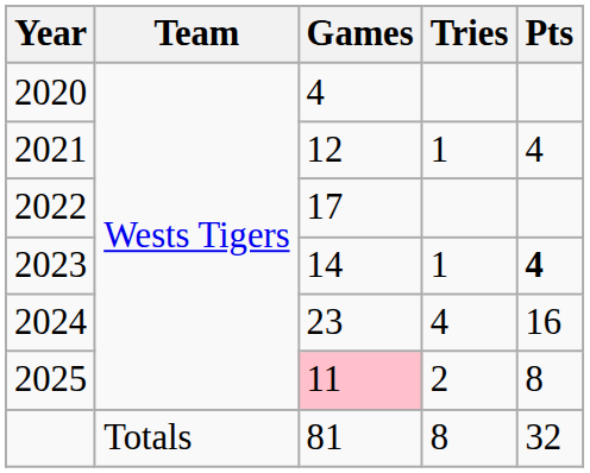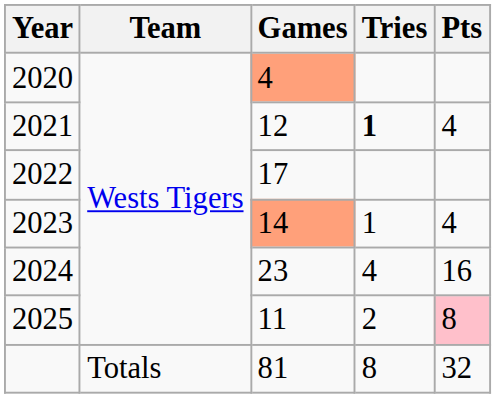 <table class="wikitable">
 <tr>
 <th>Year</th>
 <th>Team</th>
 <th>Games</th>
 <th>Tries</th>
 <th>Pts</th>
 </tr>
 <tr>
 <td>2020</td>
 <td rowspan="6"> <a href='#'>Wests Tigers</a></td>
-<td>4</td>
+<td style="background: lightsalmon;">4</td>
 <td></td>
 <td></td>
 </tr>
 <tr>
 <td>2021</td>
 <td>12</td>
-<td>1</td>
+<td><strong>1</strong></td>
 <td>4</td>
 </tr>
 <tr>
 <td>2022</td>
 <td>17</td>
 <td></td>
 <td></td>
 </tr>
 <tr>
 <td>2023</td>
-<td>14</td>
+<td style="background: lightsalmon;">14</td>
 <td>1</td>
-<td><strong>4</strong></td>
+<td>4</td>
 </tr>
 <tr>
 <td>2024</td>
 <td>23</td>
 <td>4</td>
 <td>16</td>
 </tr>
 <tr>
 <td>2025</td>
-<td style="background: pink;">11</td>
+<td>11</td>
 <td>2</td>
-<td>8</td>
+<td style="background: pink;">8</td>
 </tr>
 <tr>
 <td></td>
 <td>Totals</td>
 <td>81</td>
 <td>8</td>
 <td>32</td>
 </tr>
 </table>
